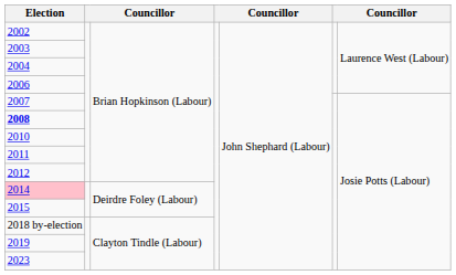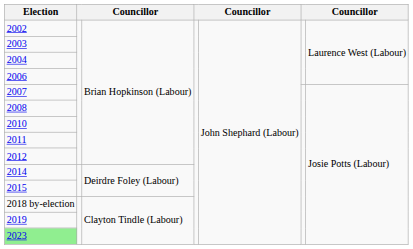 <table class="wikitable">
 <tr>
 <th>Election</th>
 <th colspan="2">Councillor</th>
 <th colspan="2">Councillor</th>
 <th colspan="2">Councillor</th>
 </tr>
 <tr>
 <td><a href='#'>2002</a></td>
 <td rowspan="9" style="background-color: "></td>
 <td rowspan="9">Brian Hopkinson (Labour)</td>
 <td rowspan="14" style="background-color: "></td>
 <td rowspan="14">John Shephard (Labour)</td>
 <td rowspan="4" style="background-color: "></td>
 <td rowspan="4">Laurence West (Labour)</td>
 </tr>
 <tr>
 <td><a href='#'>2003</a></td>
 </tr>
 <tr>
 <td><a href='#'>2004</a></td>
 </tr>
 <tr>
 <td><a href='#'>2006</a></td>
 </tr>
 <tr>
 <td><a href='#'>2007</a></td>
 <td rowspan="10" style="background-color: "></td>
 <td rowspan="10">Josie Potts (Labour)</td>
 </tr>
 <tr>
-<td><strong><a href='#'>2008</a></strong></td>
+<td><a href='#'>2008</a></td>
 </tr>
 <tr>
 <td><a href='#'>2010</a></td>
 </tr>
 <tr>
 <td><a href='#'>2011</a></td>
 </tr>
 <tr>
 <td><a href='#'>2012</a></td>
 </tr>
 <tr>
-<td style="background: pink;"><a href='#'>2014</a></td>
+<td><a href='#'>2014</a></td>
 <td rowspan="2" style="background-color: "></td>
 <td rowspan="2">Deirdre Foley (Labour)</td>
 </tr>
 <tr>
 <td><a href='#'>2015</a></td>
 </tr>
 <tr>
 <td>2018 by-election</td>
 <td rowspan="3" style="background-color: "></td>
 <td rowspan="3">Clayton Tindle (Labour)</td>
 </tr>
 <tr>
 <td><a href='#'>2019</a></td>
 </tr>
 <tr>
-<td><a href='#'>2023</a></td>
+<td style="background: lightgreen;"><a href='#'>2023</a></td>
 </tr>
 </table>
